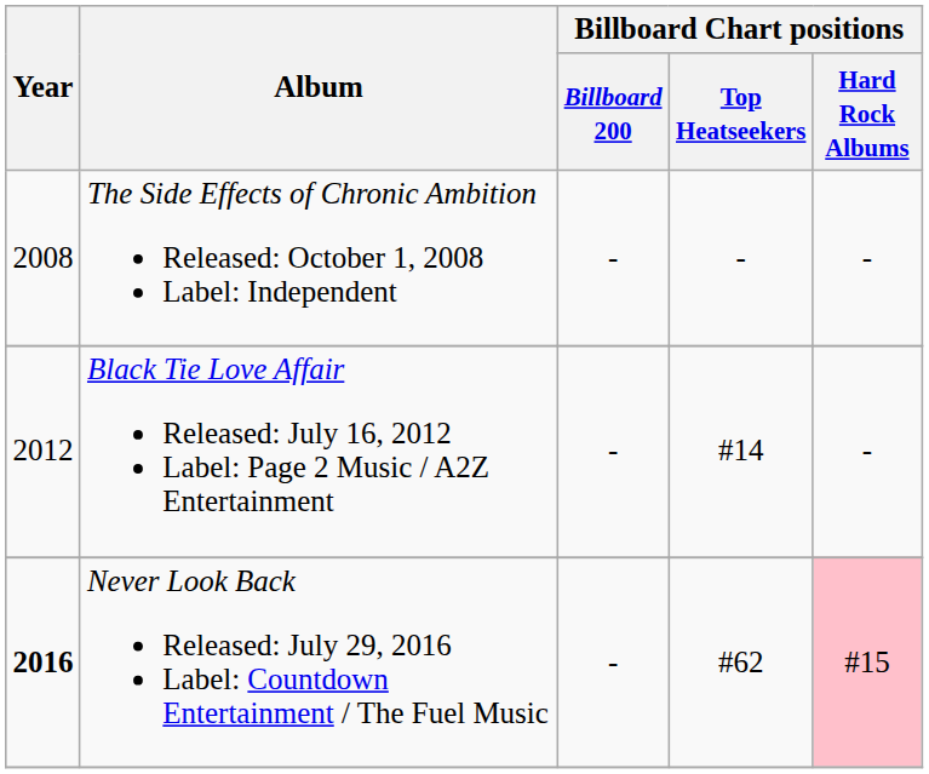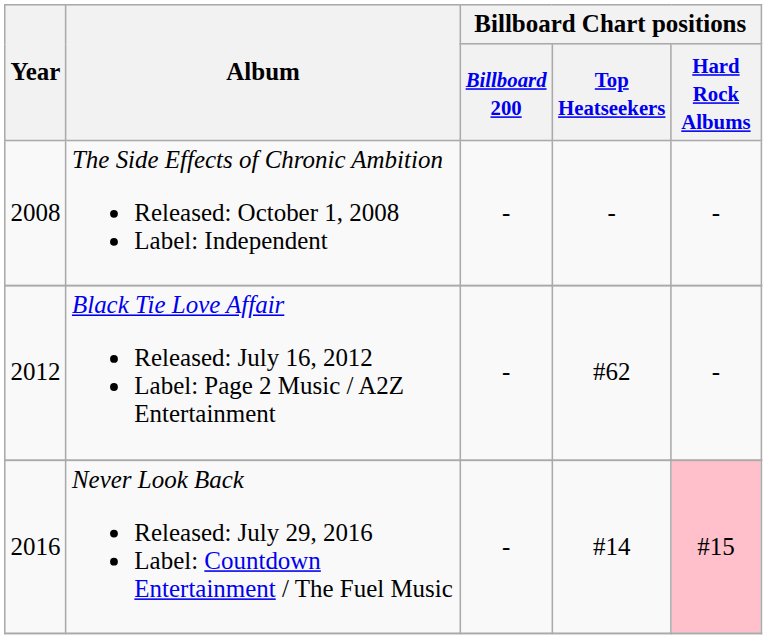 <table class="wikitable">
 <tr>
 <th width="18" rowspan="2">Year</th>
 <th width="245" rowspan="2">Album</th>
 <th colspan="3">Billboard Chart positions</th>
 </tr>
 <tr>
 <th width="50"><small><a href='#'><em>Billboard</em> 200</a></small></th>
 <th width="50"><small><a href='#'>Top Heatseekers</a></small></th>
 <th width="50"><small><a href='#'>Hard Rock Albums</a></small></th>
 </tr>
 <tr>
 <td>2008</td>
 <td><em>The Side Effects of Chronic Ambition</em><br><ul><li>Released: October 1, 2008</li><li>Label: Independent</li></ul></td>
 <td align="center">-</td>
 <td align="center">-</td>
 <td align="center">-</td>
 </tr>
 <tr>
 </tr>
 <tr>
 <td>2012</td>
 <td><em><a href='#'>Black Tie Love Affair</a></em><br><ul><li>Released: July 16, 2012</li><li>Label: Page 2 Music / A2Z Entertainment</li></ul></td>
 <td align="center">-</td>
-<td align="center">#14</td>
+<td align="center">#62</td>
 <td align="center">-</td>
 </tr>
 <tr>
 </tr>
 <tr>
-<td><strong>2016</strong></td>
+<td>2016</td>
 <td><em>Never Look Back</em><br><ul><li>Released: July 29, 2016</li><li>Label: <a href='#'>Countdown Entertainment</a> / The Fuel Music</li></ul></td>
 <td align="center">-</td>
-<td align="center">#62</td>
+<td align="center">#14</td>
 <td align="center" style="background: pink;">#15</td>
 </tr>
 <tr>
 </tr>
 </table>
